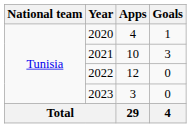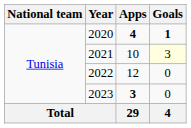 <table class="wikitable" style="text-align:center">
 <tr>
 <th>National team</th>
 <th>Year</th>
 <th>Apps</th>
 <th>Goals</th>
 </tr>
 <tr>
 <td rowspan="4"><a href='#'>Tunisia</a></td>
 <td>2020</td>
-<td>4</td>
-<td>1</td>
+<td><strong>4</strong></td>
+<td><strong>1</strong></td>
 </tr>
 <tr>
 <td>2021</td>
 <td>10</td>
-<td>3</td>
+<td style="background: lightyellow;">3</td>
 </tr>
 <tr>
 <td>2022</td>
 <td>12</td>
 <td>0</td>
 </tr>
 <tr>
 <td>2023</td>
-<td>3</td>
+<td><strong>3</strong></td>
 <td>0</td>
 </tr>
 <tr>
 <th colspan="2">Total</th>
 <th>29</th>
 <th>4</th>
 </tr>
 </table>
